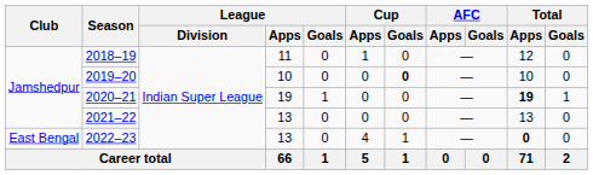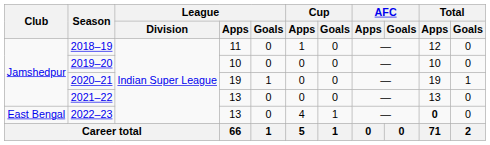 <table class="wikitable" style="text-align: center;">
 <tr>
 <th rowspan="2">Club</th>
 <th rowspan="2">Season</th>
 <th colspan="3">League</th>
 <th colspan="2">Cup</th>
 <th colspan="2"><a href='#'>AFC</a></th>
 <th colspan="2">Total</th>
 </tr>
 <tr>
 <th>Division</th>
 <th>Apps</th>
 <th>Goals</th>
 <th>Apps</th>
 <th>Goals</th>
 <th>Apps</th>
 <th>Goals</th>
 <th>Apps</th>
 <th>Goals</th>
 </tr>
 <tr>
 <td rowspan="4"><a href='#'>Jamshedpur</a></td>
 <td><a href='#'>2018–19</a></td>
 <td rowspan="5"><a href='#'>Indian Super League</a></td>
 <td>11</td>
 <td>0</td>
 <td>1</td>
 <td>0</td>
 <td colspan="2">—</td>
 <td>12</td>
 <td>0</td>
 </tr>
 <tr>
 <td><a href='#'>2019–20</a></td>
 <td>10</td>
 <td>0</td>
 <td>0</td>
-<td><strong>0</strong></td>
+<td>0</td>
 <td colspan="2">—</td>
 <td>10</td>
 <td>0</td>
 </tr>
 <tr>
 <td><a href='#'>2020–21</a></td>
 <td>19</td>
 <td>1</td>
 <td>0</td>
 <td>0</td>
 <td colspan="2">—</td>
-<td><strong>19</strong></td>
+<td>19</td>
 <td>1</td>
 </tr>
 <tr>
 <td><a href='#'>2021–22</a></td>
 <td>13</td>
 <td>0</td>
 <td>0</td>
 <td>0</td>
 <td colspan="2">—</td>
 <td>13</td>
 <td>0</td>
 </tr>
 <tr>
 <td rowspan="1"><a href='#'>East Bengal</a></td>
 <td><a href='#'>2022–23</a></td>
 <td>13</td>
 <td>0</td>
 <td>4</td>
 <td>1</td>
 <td colspan="2">—</td>
 <td><strong>0</strong></td>
 <td>0</td>
 </tr>
 <tr>
 <th colspan="3">Career total</th>
 <th>66</th>
 <th>1</th>
 <th>5</th>
 <th>1</th>
 <th>0</th>
 <th>0</th>
 <th>71</th>
 <th>2</th>
 </tr>
 </table>
